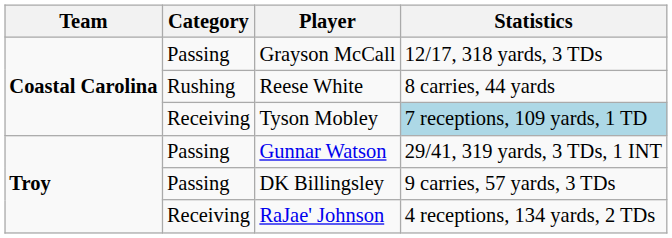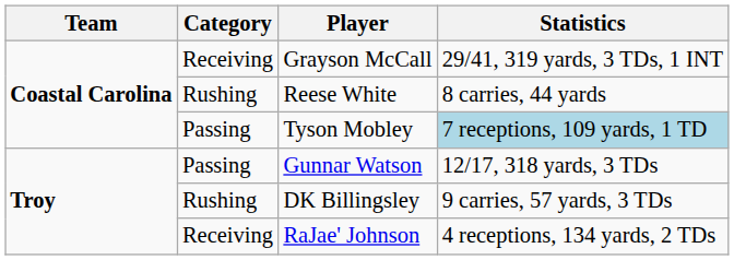 <table class="wikitable" style="float: right;">
 <tr>
 <th>Team</th>
 <th>Category</th>
 <th>Player</th>
 <th>Statistics</th>
 </tr>
 <tr>
 <td rowspan=3><strong>Coastal Carolina</strong></td>
-<td>Passing</td>
+<td>Receiving</td>
 <td>Grayson McCall</td>
-<td>12/17, 318 yards, 3 TDs</td>
+<td>29/41, 319 yards, 3 TDs, 1 INT</td>
 </tr>
 <tr>
 <td>Rushing</td>
 <td>Reese White</td>
 <td>8 carries, 44 yards</td>
 </tr>
 <tr>
-<td>Receiving</td>
+<td>Passing</td>
 <td>Tyson Mobley</td>
 <td style="background: lightblue;">7 receptions, 109 yards, 1 TD</td>
 </tr>
 <tr>
 <td rowspan=3><strong>Troy</strong></td>
 <td>Passing</td>
 <td><a href='#'>Gunnar Watson</a></td>
-<td>29/41, 319 yards, 3 TDs, 1 INT</td>
+<td>12/17, 318 yards, 3 TDs</td>
 </tr>
 <tr>
-<td>Passing</td>
+<td>Rushing</td>
 <td>DK Billingsley</td>
 <td>9 carries, 57 yards, 3 TDs</td>
 </tr>
 <tr>
 <td>Receiving</td>
 <td><a href='#'>RaJae' Johnson</a></td>
 <td>4 receptions, 134 yards, 2 TDs</td>
 </tr>
 </table>
